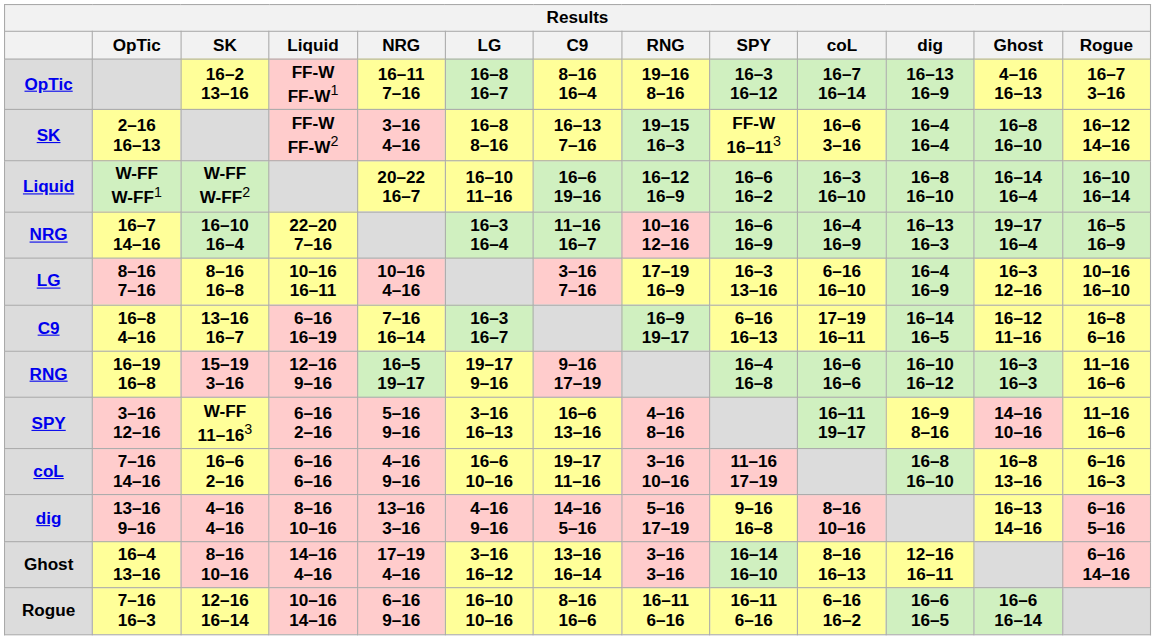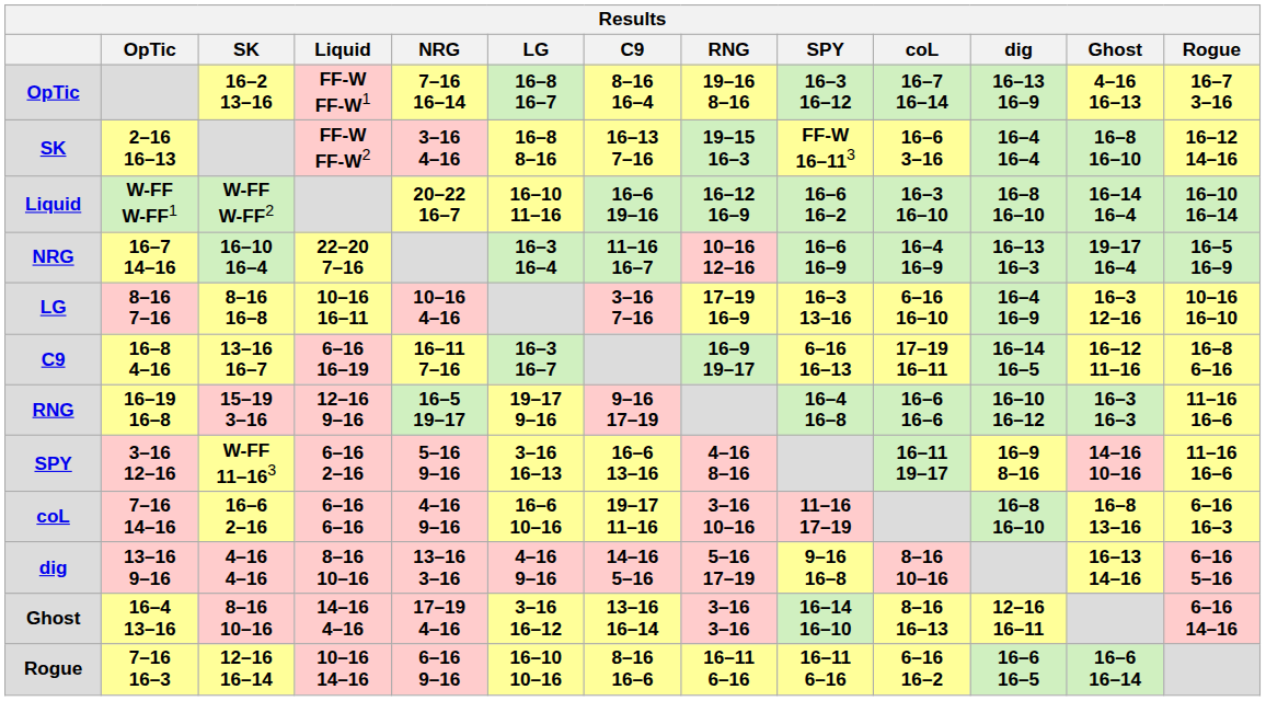 <table class="wikitable" style="text-align: center;">
 <tr>
 <th colspan=15>Results</th>
 </tr>
 <tr>
 <th width="75px"></th>
 <th width="75px">OpTic</th>
 <th width="75px">SK</th>
 <th width="75px">Liquid</th>
 <th width="75px">NRG</th>
 <th width="75px">LG</th>
 <th width="75px">C9</th>
 <th width="75px">RNG</th>
 <th width="75px">SPY</th>
 <th width="75px">coL</th>
 <th width="75px">dig</th>
 <th width="75px">Ghost</th>
 <th width="75px">Rogue</th>
 </tr>
 <tr>
 <td style="background: #DCDCDC;"><strong><a href='#'>OpTic</a></strong></td>
 <td style="background: #DCDCDC;"></td>
 <td style="background: #FFFF99;"><strong>16–2<br>13–16</strong></td>
 <td style="background: #FFCCCC;"><strong>FF-W<br>FF-W</strong><sup>1</sup></td>
-<td style="background: #FFFF99;"><strong>16–11<br>7–16</strong></td>
+<td style="background: #FFFF99;"><strong>7–16<br>16–14</strong></td>
 <td style="background: #D0F0C0;"><strong>16–8<br>16–7</strong></td>
 <td style="background: #FFFF99;"><strong>8–16<br>16–4</strong></td>
 <td style="background: #FFFF99;"><strong>19–16<br>8–16</strong></td>
 <td style="background: #D0F0C0;"><strong>16–3<br>16–12</strong></td>
 <td style="background: #D0F0C0;"><strong>16–7<br>16–14</strong></td>
 <td style="background: #D0F0C0;"><strong>16–13<br>16–9</strong></td>
 <td style="background: #FFFF99;"><strong>4–16<br>16–13</strong></td>
 <td style="background: #FFFF99;"><strong>16–7<br>3–16</strong></td>
 </tr>
 <tr>
 <td style="background: #DCDCDC;"><strong><a href='#'>SK</a></strong></td>
 <td style="background: #FFFF99;"><strong>2–16<br>16–13</strong></td>
 <td style="background: #DCDCDC;"></td>
 <td style="background: #FFCCCC;"><strong>FF-W<br>FF-W</strong><sup>2</sup></td>
 <td style="background: #FFCCCC;"><strong>3–16<br>4–16</strong></td>
 <td style="background: #FFFF99;"><strong>16–8<br>8–16</strong></td>
 <td style="background: #FFFF99;"><strong>16–13<br>7–16</strong></td>
 <td style="background: #D0F0C0;"><strong>19–15<br>16–3</strong></td>
 <td style="background: #FFFF99;"><strong>FF-W<br>16–11</strong><sup>3</sup></td>
 <td style="background: #FFFF99;"><strong>16–6<br>3–16</strong></td>
 <td style="background: #D0F0C0;"><strong>16–4<br>16–4</strong></td>
 <td style="background: #D0F0C0;"><strong>16–8<br>16–10</strong></td>
 <td style="background: #FFFF99;"><strong>16–12<br>14–16</strong></td>
 </tr>
 <tr>
 <td style="background: #DCDCDC;"><strong><a href='#'>Liquid</a></strong></td>
 <td style="background: #D0F0C0;"><strong>W-FF<br>W-FF</strong><sup>1</sup></td>
 <td style="background: #D0F0C0;"><strong>W-FF<br>W-FF</strong><sup>2</sup></td>
 <td style="background: #DCDCDC;"></td>
 <td style="background: #FFFF99;"><strong>20–22<br>16–7</strong></td>
 <td style="background: #FFFF99;"><strong>16–10<br>11–16</strong></td>
 <td style="background: #D0F0C0;"><strong>16–6<br>19–16</strong></td>
 <td style="background: #D0F0C0;"><strong>16–12<br>16–9</strong></td>
 <td style="background: #D0F0C0;"><strong>16–6<br>16–2</strong></td>
 <td style="background: #D0F0C0;"><strong>16–3<br>16–10</strong></td>
 <td style="background: #D0F0C0;"><strong>16–8<br>16–10</strong></td>
 <td style="background: #D0F0C0;"><strong>16–14<br>16–4</strong></td>
 <td style="background: #D0F0C0;"><strong>16–10<br>16–14</strong></td>
 </tr>
 <tr>
 <td style="background: #DCDCDC;"><strong><a href='#'>NRG</a></strong></td>
 <td style="background: #FFFF99;"><strong>16–7<br>14–16</strong></td>
 <td style="background: #D0F0C0;"><strong>16–10<br>16–4</strong></td>
 <td style="background: #FFFF99;"><strong>22–20<br>7–16</strong></td>
 <td style="background: #DCDCDC;"></td>
 <td style="background: #D0F0C0;"><strong>16–3<br>16–4</strong></td>
 <td style="background: #D0F0C0;"><strong>11–16<br>16–7</strong></td>
 <td style="background: #FFCCCC;"><strong>10–16<br>12–16</strong></td>
 <td style="background: #D0F0C0;"><strong>16–6<br>16–9</strong></td>
 <td style="background: #D0F0C0;"><strong>16–4<br>16–9</strong></td>
 <td style="background: #D0F0C0;"><strong>16–13<br>16–3</strong></td>
 <td style="background: #D0F0C0;"><strong>19–17<br>16–4</strong></td>
 <td style="background: #D0F0C0;"><strong>16–5<br>16–9</strong></td>
 </tr>
 <tr>
 <td style="background: #DCDCDC;"><strong><a href='#'>LG</a></strong></td>
 <td style="background: #FFCCCC;"><strong>8–16<br>7–16</strong></td>
 <td style="background: #FFFF99;"><strong>8–16<br>16–8</strong></td>
 <td style="background: #FFFF99;"><strong>10–16<br>16–11</strong></td>
 <td style="background: #FFCCCC;"><strong>10–16<br>4–16</strong></td>
 <td style="background: #DCDCDC;"></td>
 <td style="background: #FFCCCC;"><strong>3–16<br>7–16</strong></td>
 <td style="background: #FFFF99;"><strong>17–19<br>16–9</strong></td>
 <td style="background: #FFFF99;"><strong>16–3<br>13–16</strong></td>
 <td style="background: #FFFF99;"><strong>6–16<br>16–10</strong></td>
 <td style="background: #D0F0C0;"><strong>16–4<br>16–9</strong></td>
 <td style="background: #FFFF99;"><strong>16–3<br>12–16</strong></td>
 <td style="background: #FFFF99;"><strong>10–16<br>16–10</strong></td>
 </tr>
 <tr>
 <td style="background: #DCDCDC;"><strong><a href='#'>C9</a></strong></td>
 <td style="background: #FFFF99;"><strong>16–8<br>4–16</strong></td>
 <td style="background: #FFFF99;"><strong>13–16<br>16–7</strong></td>
 <td style="background: #FFCCCC;"><strong>6–16<br>16–19</strong></td>
-<td style="background: #FFFF99;"><strong>7–16<br>16–14</strong></td>
+<td style="background: #FFFF99;"><strong>16–11<br>7–16</strong></td>
 <td style="background: #D0F0C0;"><strong>16–3<br>16–7</strong></td>
 <td style="background: #DCDCDC;"></td>
 <td style="background: #D0F0C0;"><strong>16–9<br>19–17</strong></td>
 <td style="background: #FFFF99;"><strong>6–16<br>16–13</strong></td>
 <td style="background: #FFFF99;"><strong>17–19<br>16–11</strong></td>
 <td style="background: #D0F0C0;"><strong>16–14<br>16–5</strong></td>
 <td style="background: #FFFF99;"><strong>16–12<br>11–16</strong></td>
 <td style="background: #FFFF99;"><strong>16–8<br>6–16</strong></td>
 </tr>
 <tr>
 <td style="background: #DCDCDC;"><strong><a href='#'>RNG</a></strong></td>
 <td style="background: #FFFF99;"><strong>16–19<br>16–8</strong></td>
 <td style="background: #FFCCCC;"><strong>15–19<br>3–16</strong></td>
 <td style="background: #FFCCCC;"><strong>12–16<br>9–16</strong></td>
 <td style="background: #D0F0C0;"><strong>16–5<br>19–17</strong></td>
 <td style="background: #FFFF99;"><strong>19–17<br>9–16</strong></td>
 <td style="background: #FFCCCC;"><strong>9–16<br>17–19</strong></td>
 <td style="background: #DCDCDC;"></td>
 <td style="background: #D0F0C0;"><strong>16–4<br>16–8</strong></td>
 <td style="background: #D0F0C0;"><strong>16–6<br>16–6</strong></td>
 <td style="background: #D0F0C0;"><strong>16–10<br>16–12</strong></td>
 <td style="background: #D0F0C0;"><strong>16–3<br>16–3</strong></td>
 <td style="background: #FFFF99;"><strong>11–16<br>16–6</strong></td>
 </tr>
 <tr>
 <td style="background: #DCDCDC;"><strong><a href='#'>SPY</a></strong></td>
 <td style="background: #FFCCCC;"><strong>3–16<br>12–16</strong></td>
 <td style="background: #FFFF99;"><strong>W-FF<br>11–16</strong><sup>3</sup></td>
 <td style="background: #FFCCCC;"><strong>6–16<br>2–16</strong></td>
 <td style="background: #FFCCCC;"><strong>5–16<br>9–16</strong></td>
 <td style="background: #FFFF99;"><strong>3–16<br>16–13</strong></td>
 <td style="background: #FFFF99;"><strong>16–6<br>13–16</strong></td>
 <td style="background: #FFCCCC;"><strong>4–16<br>8–16</strong></td>
 <td style="background: #DCDCDC;"></td>
 <td style="background: #D0F0C0;"><strong>16–11<br>19–17</strong></td>
 <td style="background: #FFFF99;"><strong>16–9<br>8–16</strong></td>
 <td style="background: #FFCCCC;"><strong>14–16<br>10–16</strong></td>
 <td style="background: #FFFF99;"><strong>11–16<br>16–6</strong></td>
 </tr>
 <tr>
 <td style="background: #DCDCDC;"><strong><a href='#'>coL</a></strong></td>
 <td style="background: #FFCCCC;"><strong>7–16<br>14–16</strong></td>
 <td style="background: #FFFF99;"><strong>16–6<br>2–16</strong></td>
 <td style="background: #FFCCCC;"><strong>6–16<br>6–16</strong></td>
 <td style="background: #FFCCCC;"><strong>4–16<br>9–16</strong></td>
 <td style="background: #FFFF99;"><strong>16–6<br>10–16</strong></td>
 <td style="background: #FFFF99;"><strong>19–17<br>11–16</strong></td>
 <td style="background: #FFCCCC;"><strong>3–16<br>10–16</strong></td>
 <td style="background: #FFCCCC;"><strong>11–16<br>17–19</strong></td>
 <td style="background: #DCDCDC;"></td>
 <td style="background: #D0F0C0;"><strong>16–8<br>16–10</strong></td>
 <td style="background: #FFFF99;"><strong>16–8<br>13–16</strong></td>
 <td style="background: #FFFF99;"><strong>6–16<br>16–3</strong></td>
 </tr>
 <tr>
 <td style="background: #DCDCDC;"><strong><a href='#'>dig</a></strong></td>
 <td style="background: #FFCCCC;"><strong>13–16<br>9–16</strong></td>
 <td style="background: #FFCCCC;"><strong>4–16<br>4–16</strong></td>
 <td style="background: #FFCCCC;"><strong>8–16<br>10–16</strong></td>
 <td style="background: #FFCCCC;"><strong>13–16<br>3–16</strong></td>
 <td style="background: #FFCCCC;"><strong>4–16<br>9–16</strong></td>
 <td style="background: #FFCCCC;"><strong>14–16<br>5–16</strong></td>
 <td style="background: #FFCCCC;"><strong>5–16<br>17–19</strong></td>
 <td style="background: #FFFF99;"><strong>9–16<br>16–8</strong></td>
 <td style="background: #FFCCCC;"><strong>8–16<br>10–16</strong></td>
 <td style="background: #DCDCDC;"></td>
 <td style="background: #FFFF99;"><strong>16–13<br>14–16</strong></td>
 <td style="background: #FFCCCC;"><strong>6–16<br>5–16</strong></td>
 </tr>
 <tr>
 <td style="background: #DCDCDC;"><strong>Ghost</strong></td>
 <td style="background: #FFFF99;"><strong>16–4<br>13–16</strong></td>
 <td style="background: #FFCCCC;"><strong>8–16<br>10–16</strong></td>
 <td style="background: #FFCCCC;"><strong>14–16<br>4–16</strong></td>
 <td style="background: #FFCCCC;"><strong>17–19<br>4–16</strong></td>
 <td style="background: #FFFF99;"><strong>3–16<br>16–12</strong></td>
 <td style="background: #FFFF99;"><strong>13–16<br>16–14</strong></td>
 <td style="background: #FFCCCC;"><strong>3–16<br>3–16</strong></td>
 <td style="background: #D0F0C0;"><strong>16–14<br>16–10</strong></td>
 <td style="background: #FFFF99;"><strong>8–16<br>16–13</strong></td>
 <td style="background: #FFFF99;"><strong>12–16<br>16–11</strong></td>
 <td style="background: #DCDCDC;"></td>
 <td style="background: #FFCCCC;"><strong>6–16<br>14–16</strong></td>
 </tr>
 <tr>
 <td style="background: #DCDCDC;"><strong>Rogue</strong></td>
 <td style="background: #FFFF99;"><strong>7–16<br>16–3</strong></td>
 <td style="background: #FFFF99;"><strong>12–16<br>16–14</strong></td>
 <td style="background: #FFCCCC;"><strong>10–16<br>14–16</strong></td>
 <td style="background: #FFCCCC;"><strong>6–16<br>9–16</strong></td>
 <td style="background: #FFFF99;"><strong>16–10<br>10–16</strong></td>
 <td style="background: #FFFF99;"><strong>8–16<br>16–6</strong></td>
 <td style="background: #FFFF99;"><strong>16–11<br>6–16</strong></td>
 <td style="background: #FFFF99;"><strong>16–11<br>6–16</strong></td>
 <td style="background: #FFFF99;"><strong>6–16<br>16–2</strong></td>
 <td style="background: #D0F0C0;"><strong>16–6<br>16–5</strong></td>
 <td style="background: #D0F0C0;"><strong>16–6<br>16–14</strong></td>
 <td style="background: #DCDCDC;"></td>
 </tr>
 </table>
